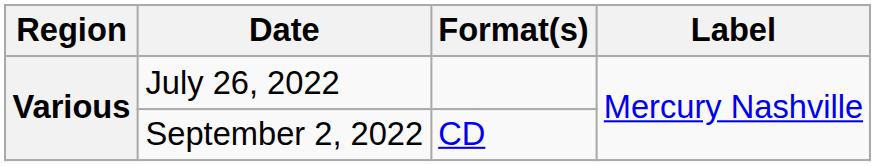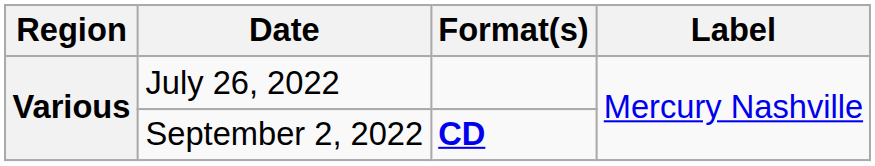 <table class="wikitable plainrowheaders">
 <tr>
 <th scope="col">Region</th>
 <th scope="col">Date</th>
 <th scope="col">Format(s)</th>
 <th scope="col">Label</th>
 </tr>
 <tr>
 <th scope="row" rowspan="2">Various</th>
 <td>July 26, 2022</td>
 <td></td>
 <td rowspan="2"><a href='#'>Mercury Nashville</a></td>
 </tr>
 <tr>
 <td>September 2, 2022</td>
-<td><a href='#'>CD</a></td>
+<td><strong><a href='#'>CD</a></strong></td>
 </tr>
 </table>
